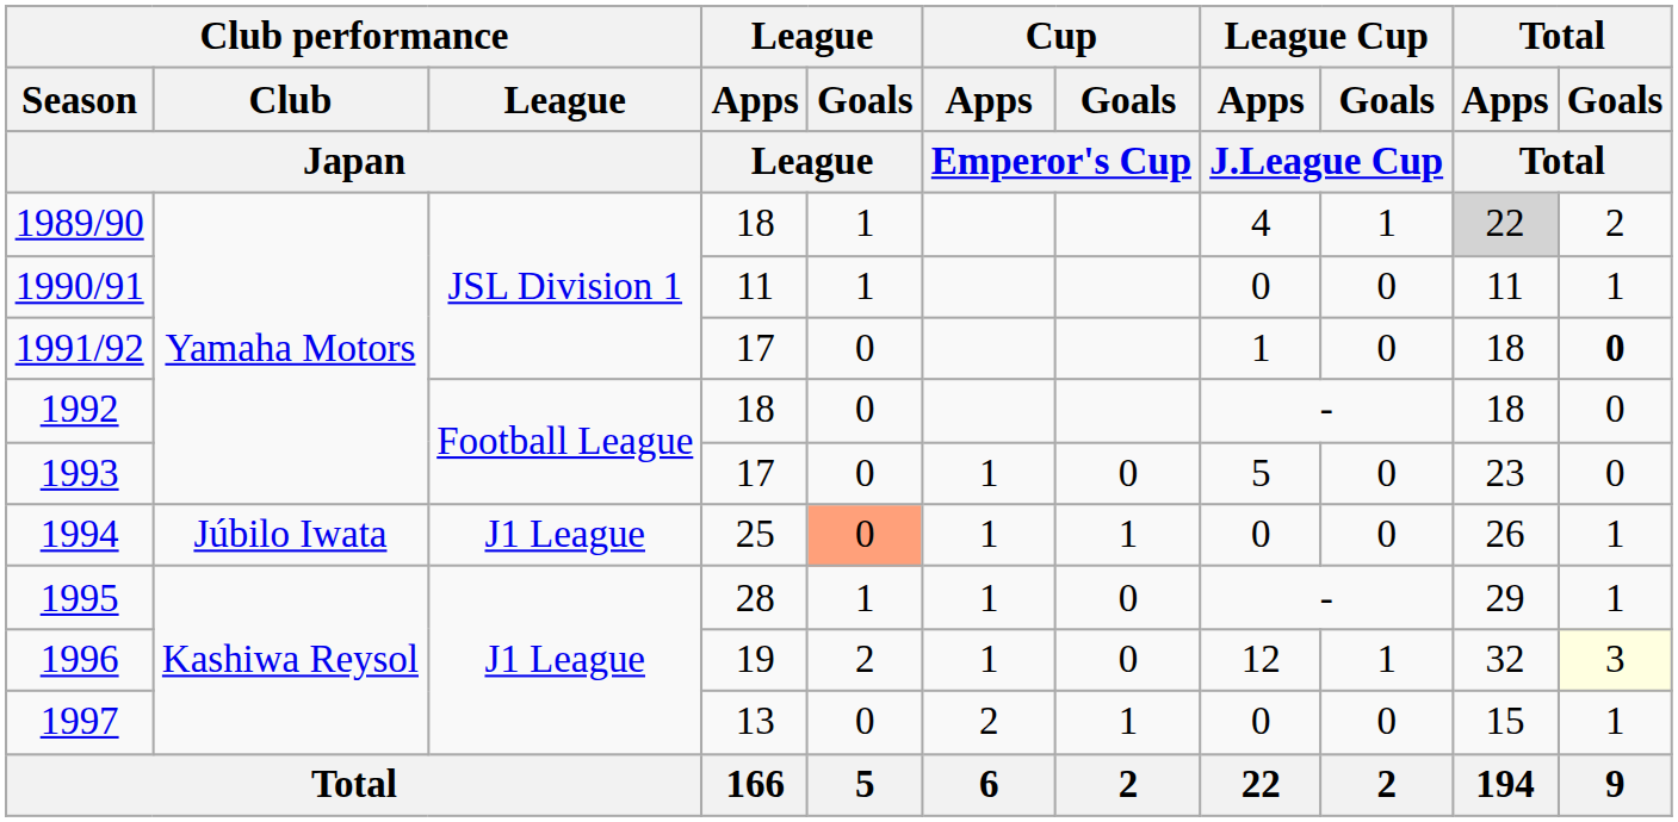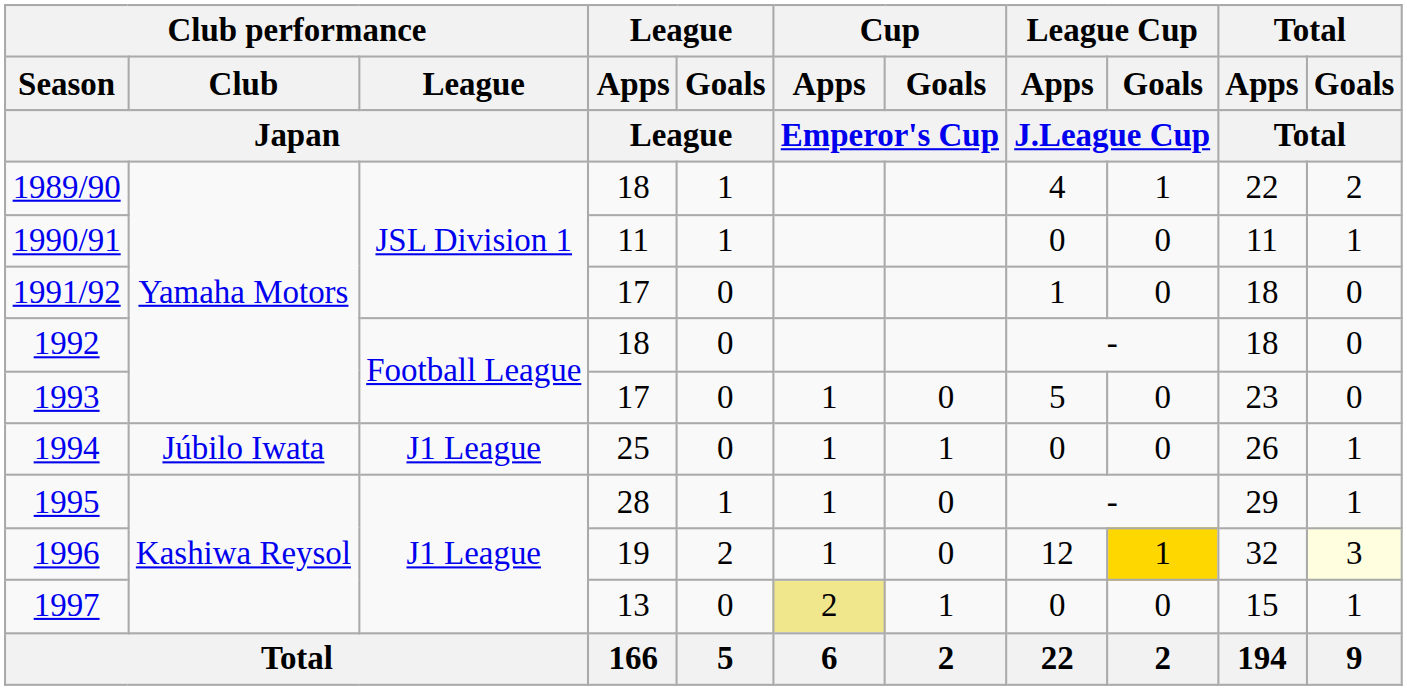 <table class="wikitable" style="text-align:center;">
 <tr>
 <th colspan=3>Club performance</th>
 <th colspan=2>League</th>
 <th colspan=2>Cup</th>
 <th colspan=2>League Cup</th>
 <th colspan=2>Total</th>
 </tr>
 <tr>
 <th>Season</th>
 <th>Club</th>
 <th>League</th>
 <th>Apps</th>
 <th>Goals</th>
 <th>Apps</th>
 <th>Goals</th>
 <th>Apps</th>
 <th>Goals</th>
 <th>Apps</th>
 <th>Goals</th>
 </tr>
 <tr>
 <th colspan=3>Japan</th>
 <th colspan=2>League</th>
 <th colspan=2><a href='#'>Emperor's Cup</a></th>
 <th colspan=2><a href='#'>J.League Cup</a></th>
 <th colspan=2>Total</th>
 </tr>
 <tr>
 <td><a href='#'>1989/90</a></td>
 <td rowspan="5"><a href='#'>Yamaha Motors</a></td>
 <td rowspan="3"><a href='#'>JSL Division 1</a></td>
 <td>18</td>
 <td>1</td>
 <td></td>
 <td></td>
 <td>4</td>
 <td>1</td>
-<td style="background: lightgrey;">22</td>
+<td>22</td>
 <td>2</td>
 </tr>
 <tr>
 <td><a href='#'>1990/91</a></td>
 <td>11</td>
 <td>1</td>
 <td></td>
 <td></td>
 <td>0</td>
 <td>0</td>
 <td>11</td>
 <td>1</td>
 </tr>
 <tr>
 <td><a href='#'>1991/92</a></td>
 <td>17</td>
 <td>0</td>
 <td></td>
 <td></td>
 <td>1</td>
 <td>0</td>
 <td>18</td>
-<td><strong>0</strong></td>
+<td>0</td>
 </tr>
 <tr>
 <td><a href='#'>1992</a></td>
 <td rowspan="2"><a href='#'>Football League</a></td>
 <td>18</td>
 <td>0</td>
 <td></td>
 <td></td>
 <td colspan="2">-</td>
 <td>18</td>
 <td>0</td>
 </tr>
 <tr>
 <td><a href='#'>1993</a></td>
 <td>17</td>
 <td>0</td>
 <td>1</td>
 <td>0</td>
 <td>5</td>
 <td>0</td>
 <td>23</td>
 <td>0</td>
 </tr>
 <tr>
 <td><a href='#'>1994</a></td>
 <td><a href='#'>Júbilo Iwata</a></td>
 <td><a href='#'>J1 League</a></td>
 <td>25</td>
-<td style="background: lightsalmon;">0</td>
+<td>0</td>
 <td>1</td>
 <td>1</td>
 <td>0</td>
 <td>0</td>
 <td>26</td>
 <td>1</td>
 </tr>
 <tr>
 <td><a href='#'>1995</a></td>
 <td rowspan="3"><a href='#'>Kashiwa Reysol</a></td>
 <td rowspan="3"><a href='#'>J1 League</a></td>
 <td>28</td>
 <td>1</td>
 <td>1</td>
 <td>0</td>
 <td colspan="2">-</td>
 <td>29</td>
 <td>1</td>
 </tr>
 <tr>
 <td><a href='#'>1996</a></td>
 <td>19</td>
 <td>2</td>
 <td>1</td>
 <td>0</td>
 <td>12</td>
-<td>1</td>
+<td style="background: gold;">1</td>
 <td>32</td>
 <td style="background: lightyellow;">3</td>
 </tr>
 <tr>
 <td><a href='#'>1997</a></td>
 <td>13</td>
 <td>0</td>
-<td>2</td>
+<td style="background: khaki;">2</td>
 <td>1</td>
 <td>0</td>
 <td>0</td>
 <td>15</td>
 <td>1</td>
 </tr>
 <tr>
 <th colspan=3>Total</th>
 <th>166</th>
 <th>5</th>
 <th>6</th>
 <th>2</th>
 <th>22</th>
 <th>2</th>
 <th>194</th>
 <th>9</th>
 </tr>
 </table>
